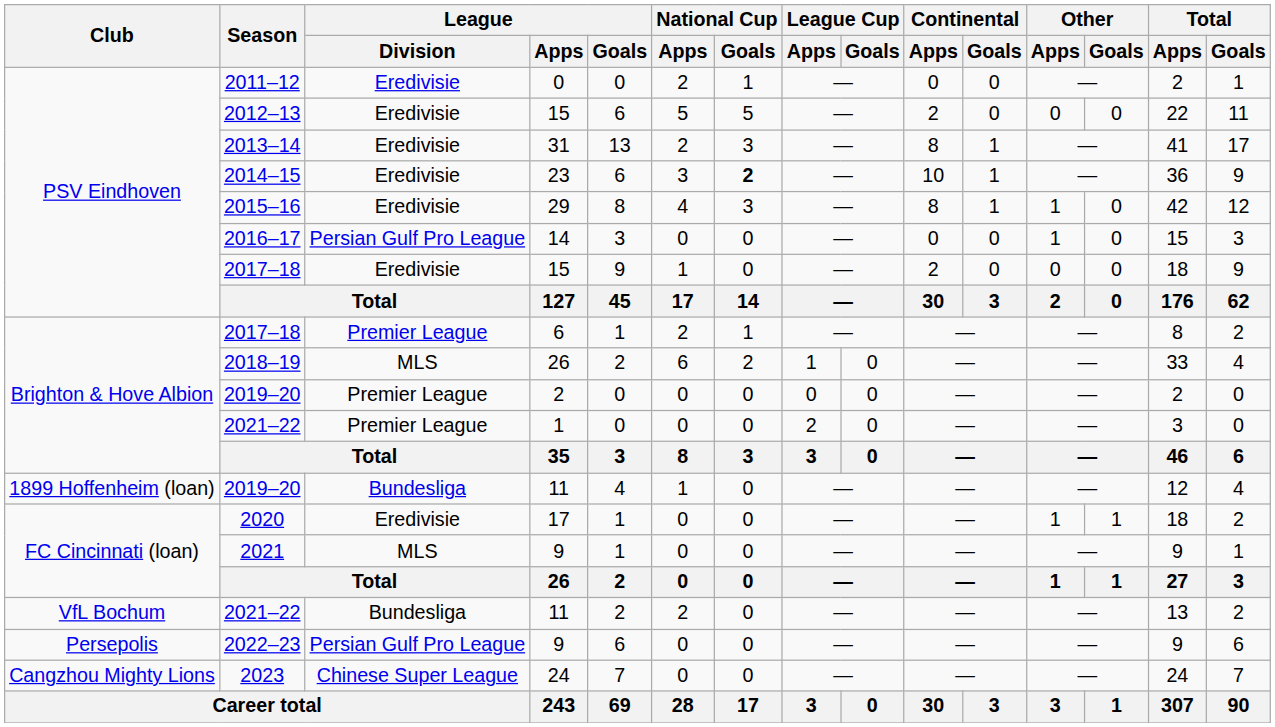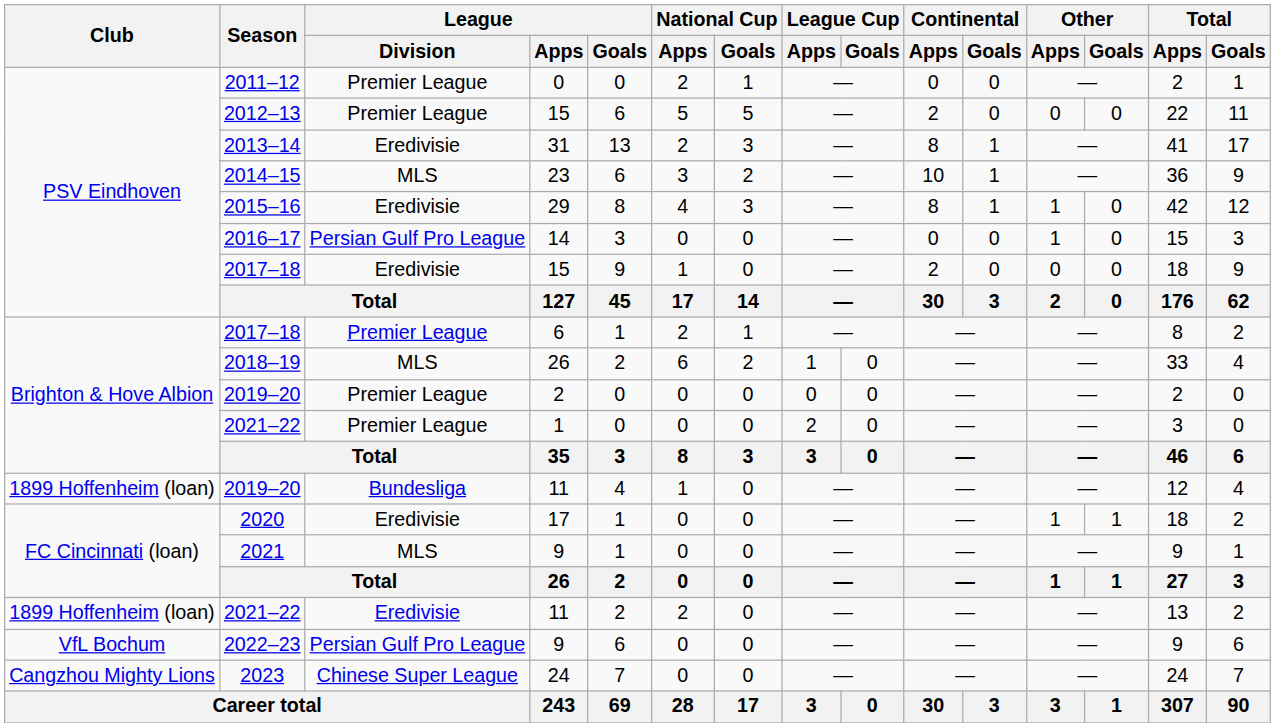 <table class="wikitable" style="text-align:center">
 <tr>
 <th rowspan="2">Club</th>
 <th rowspan="2">Season</th>
 <th colspan="3">League</th>
 <th colspan="2">National Cup</th>
 <th colspan="2">League Cup</th>
 <th colspan="2">Continental</th>
 <th colspan="2">Other</th>
 <th colspan="2">Total</th>
 </tr>
 <tr>
 <th>Division</th>
 <th>Apps</th>
 <th>Goals</th>
 <th>Apps</th>
 <th>Goals</th>
 <th>Apps</th>
 <th>Goals</th>
 <th>Apps</th>
 <th>Goals</th>
 <th>Apps</th>
 <th>Goals</th>
 <th>Apps</th>
 <th>Goals</th>
 </tr>
 <tr>
 <td rowspan="8"><a href='#'>PSV Eindhoven</a></td>
 <td><a href='#'>2011–12</a></td>
-<td><a href='#'>Eredivisie</a></td>
+<td>Premier League</td>
 <td>0</td>
 <td>0</td>
 <td>2</td>
 <td>1</td>
 <td colspan="2">—</td>
 <td>0</td>
 <td>0</td>
 <td colspan="2">—</td>
 <td>2</td>
 <td>1</td>
 </tr>
 <tr>
 <td><a href='#'>2012–13</a></td>
-<td>Eredivisie</td>
+<td>Premier League</td>
 <td>15</td>
 <td>6</td>
 <td>5</td>
 <td>5</td>
 <td colspan="2">—</td>
 <td>2</td>
 <td>0</td>
 <td>0</td>
 <td>0</td>
 <td>22</td>
 <td>11</td>
 </tr>
 <tr>
 <td><a href='#'>2013–14</a></td>
 <td>Eredivisie</td>
 <td>31</td>
 <td>13</td>
 <td>2</td>
 <td>3</td>
 <td colspan="2">—</td>
 <td>8</td>
 <td>1</td>
 <td colspan="2">—</td>
 <td>41</td>
 <td>17</td>
 </tr>
 <tr>
 <td><a href='#'>2014–15</a></td>
-<td>Eredivisie</td>
+<td>MLS</td>
 <td>23</td>
 <td>6</td>
 <td>3</td>
-<td><strong>2</strong></td>
+<td>2</td>
 <td colspan="2">—</td>
 <td>10</td>
 <td>1</td>
 <td colspan="2">—</td>
 <td>36</td>
 <td>9</td>
 </tr>
 <tr>
 <td><a href='#'>2015–16</a></td>
 <td>Eredivisie</td>
 <td>29</td>
 <td>8</td>
 <td>4</td>
 <td>3</td>
 <td colspan="2">—</td>
 <td>8</td>
 <td>1</td>
 <td>1</td>
 <td>0</td>
 <td>42</td>
 <td>12</td>
 </tr>
 <tr>
 <td><a href='#'>2016–17</a></td>
 <td><a href='#'>Persian Gulf Pro League</a></td>
 <td>14</td>
 <td>3</td>
 <td>0</td>
 <td>0</td>
 <td colspan="2">—</td>
 <td>0</td>
 <td>0</td>
 <td>1</td>
 <td>0</td>
 <td>15</td>
 <td>3</td>
 </tr>
 <tr>
 <td><a href='#'>2017–18</a></td>
 <td>Eredivisie</td>
 <td>15</td>
 <td>9</td>
 <td>1</td>
 <td>0</td>
 <td colspan="2">—</td>
 <td>2</td>
 <td>0</td>
 <td>0</td>
 <td>0</td>
 <td>18</td>
 <td>9</td>
 </tr>
 <tr>
 <th colspan="2">Total</th>
 <th>127</th>
 <th>45</th>
 <th>17</th>
 <th>14</th>
 <th colspan="2">—</th>
 <th>30</th>
 <th>3</th>
 <th>2</th>
 <th>0</th>
 <th>176</th>
 <th>62</th>
 </tr>
 <tr>
 <td rowspan="5"><a href='#'>Brighton & Hove Albion</a></td>
 <td><a href='#'>2017–18</a></td>
 <td><a href='#'>Premier League</a></td>
 <td>6</td>
 <td>1</td>
 <td>2</td>
 <td>1</td>
 <td colspan="2">—</td>
 <td colspan="2">—</td>
 <td colspan="2">—</td>
 <td>8</td>
 <td>2</td>
 </tr>
 <tr>
 <td><a href='#'>2018–19</a></td>
 <td>MLS</td>
 <td>26</td>
 <td>2</td>
 <td>6</td>
 <td>2</td>
 <td>1</td>
 <td>0</td>
 <td colspan="2">—</td>
 <td colspan="2">—</td>
 <td>33</td>
 <td>4</td>
 </tr>
 <tr>
 <td><a href='#'>2019–20</a></td>
 <td>Premier League</td>
 <td>2</td>
 <td>0</td>
 <td>0</td>
 <td>0</td>
 <td>0</td>
 <td>0</td>
 <td colspan="2">—</td>
 <td colspan="2">—</td>
 <td>2</td>
 <td>0</td>
 </tr>
 <tr>
 <td><a href='#'>2021–22</a></td>
 <td>Premier League</td>
 <td>1</td>
 <td>0</td>
 <td>0</td>
 <td>0</td>
 <td>2</td>
 <td>0</td>
 <td colspan="2">—</td>
 <td colspan="2">—</td>
 <td>3</td>
 <td>0</td>
 </tr>
 <tr>
 <th colspan="2">Total</th>
 <th>35</th>
 <th>3</th>
 <th>8</th>
 <th>3</th>
 <th>3</th>
 <th>0</th>
 <th colspan="2">—</th>
 <th colspan="2">—</th>
 <th>46</th>
 <th>6</th>
 </tr>
 <tr>
 <td><a href='#'>1899 Hoffenheim</a> (loan)</td>
 <td><a href='#'>2019–20</a></td>
 <td><a href='#'>Bundesliga</a></td>
 <td>11</td>
 <td>4</td>
 <td>1</td>
 <td>0</td>
 <td colspan="2">—</td>
 <td colspan="2">—</td>
 <td colspan="2">—</td>
 <td>12</td>
 <td>4</td>
 </tr>
 <tr>
 <td rowspan="3"><a href='#'>FC Cincinnati</a> (loan)</td>
 <td><a href='#'>2020</a></td>
 <td>Eredivisie</td>
 <td>17</td>
 <td>1</td>
 <td>0</td>
 <td>0</td>
 <td colspan="2">—</td>
 <td colspan="2">—</td>
 <td>1</td>
 <td>1</td>
 <td>18</td>
 <td>2</td>
 </tr>
 <tr>
 <td><a href='#'>2021</a></td>
 <td>MLS</td>
 <td>9</td>
 <td>1</td>
 <td>0</td>
 <td>0</td>
 <td colspan="2">—</td>
 <td colspan="2">—</td>
 <td colspan="2">—</td>
 <td>9</td>
 <td>1</td>
 </tr>
 <tr>
 <th colspan="2">Total</th>
 <th>26</th>
 <th>2</th>
 <th>0</th>
 <th>0</th>
 <th colspan="2">—</th>
 <th colspan="2">—</th>
 <th>1</th>
 <th>1</th>
 <th>27</th>
 <th>3</th>
 </tr>
 <tr>
-<td><a href='#'>VfL Bochum</a></td>
+<td><a href='#'>1899 Hoffenheim</a> (loan)</td>
 <td><a href='#'>2021–22</a></td>
-<td>Bundesliga</td>
+<td><a href='#'>Eredivisie</a></td>
 <td>11</td>
 <td>2</td>
 <td>2</td>
 <td>0</td>
 <td colspan="2">—</td>
 <td colspan="2">—</td>
 <td colspan="2">—</td>
 <td>13</td>
 <td>2</td>
 </tr>
 <tr>
-<td><a href='#'>Persepolis</a></td>
+<td><a href='#'>VfL Bochum</a></td>
 <td><a href='#'>2022–23</a></td>
 <td><a href='#'>Persian Gulf Pro League</a></td>
 <td>9</td>
 <td>6</td>
 <td>0</td>
 <td>0</td>
 <td colspan="2">—</td>
 <td colspan="2">—</td>
 <td colspan="2">—</td>
 <td>9</td>
 <td>6</td>
 </tr>
 <tr>
 <td><a href='#'>Cangzhou Mighty Lions</a></td>
 <td><a href='#'>2023</a></td>
 <td><a href='#'>Chinese Super League</a></td>
 <td>24</td>
 <td>7</td>
 <td>0</td>
 <td>0</td>
 <td colspan="2">—</td>
 <td colspan="2">—</td>
 <td colspan="2">—</td>
 <td>24</td>
 <td>7</td>
 </tr>
 <tr>
 <th colspan="3">Career total</th>
 <th>243</th>
 <th>69</th>
 <th>28</th>
 <th>17</th>
 <th>3</th>
 <th>0</th>
 <th>30</th>
 <th>3</th>
 <th>3</th>
 <th>1</th>
 <th>307</th>
 <th>90</th>
 </tr>
 </table>
